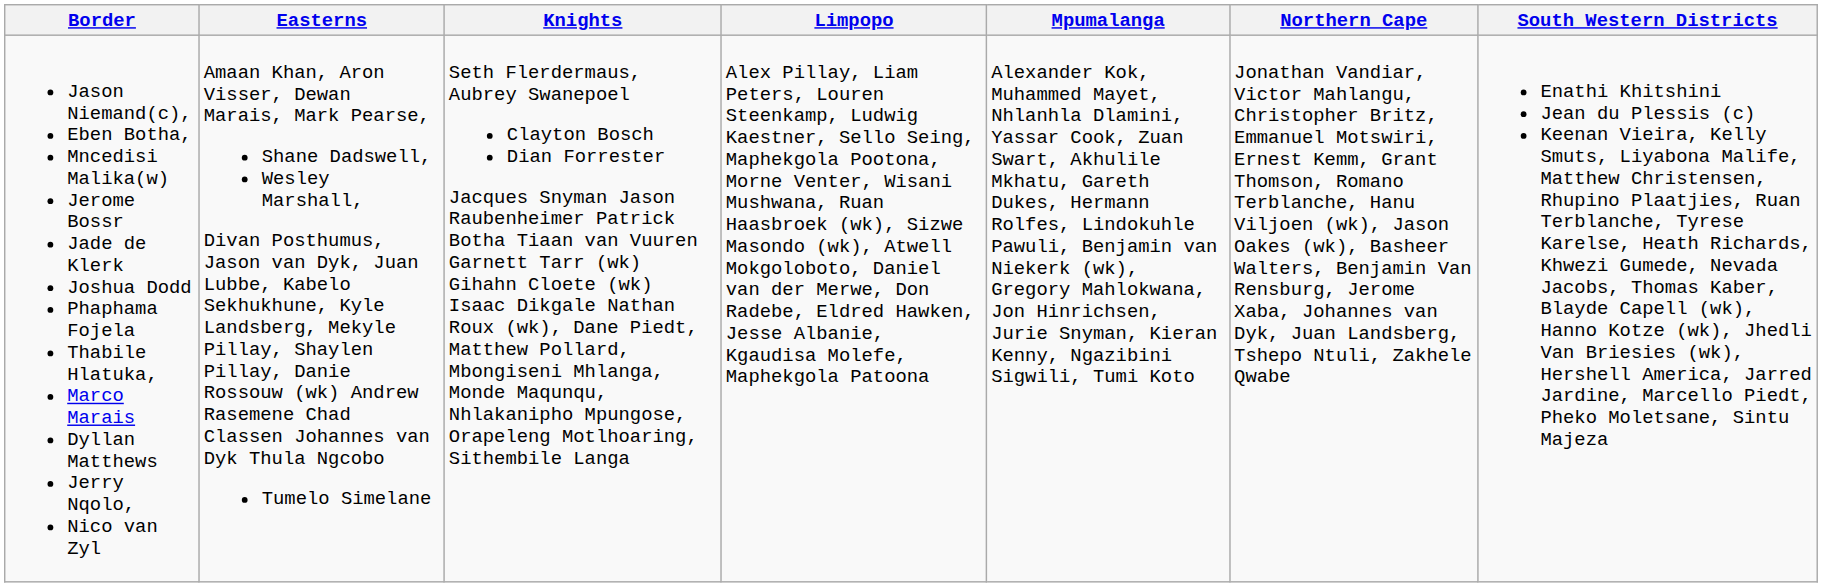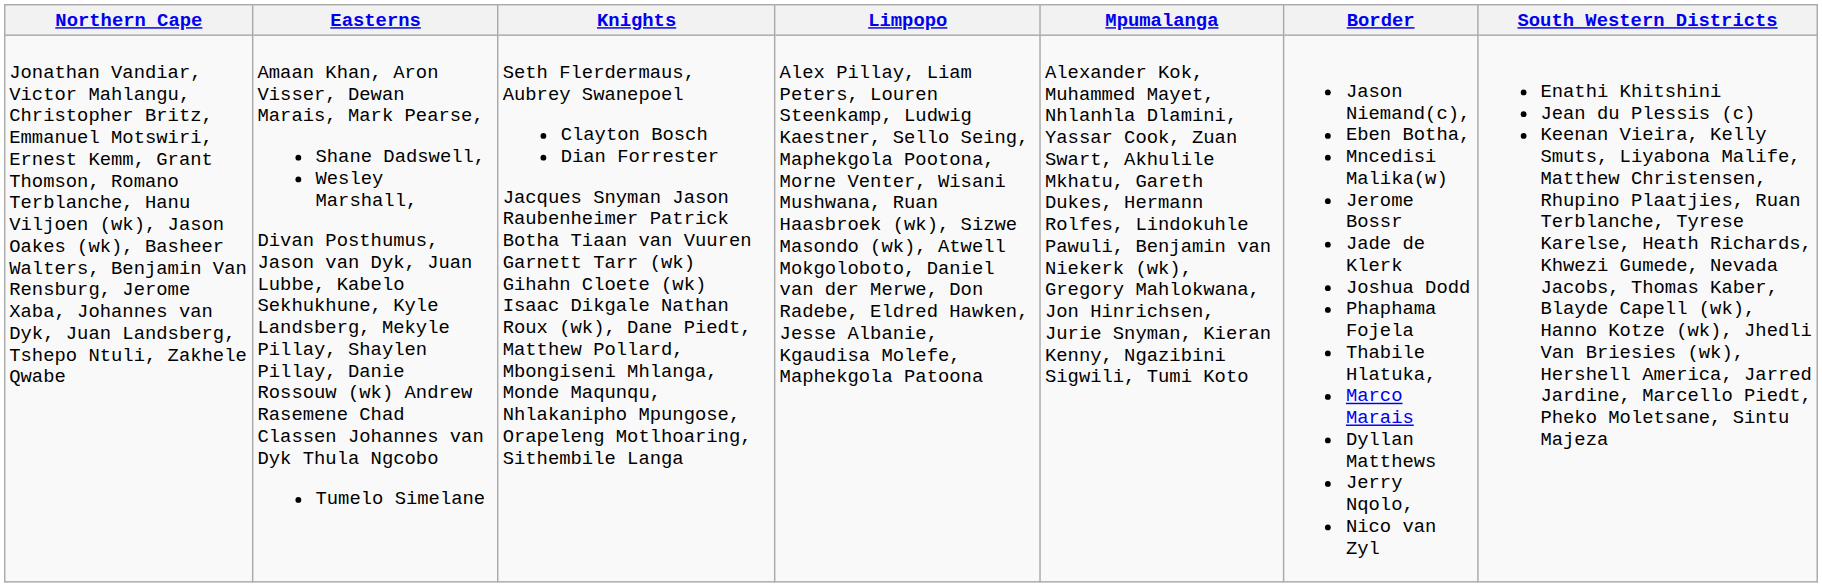 <table class="wikitable" Style="font-size:100%;">
 <tr>
-<th><a href='#'>Border</a></th>
+<th><a href='#'>Northern Cape</a></th>
 <th><a href='#'>Easterns</a></th>
 <th><a href='#'>Knights</a></th>
 <th><a href='#'>Limpopo</a></th>
 <th><a href='#'>Mpumalanga</a></th>
-<th><a href='#'>Northern Cape</a></th>
+<th><a href='#'>Border</a></th>
 <th><a href='#'>South Western Districts</a></th>
 </tr>
 <tr style="vertical-align:top">
-<td><br><ul><li>Jason Niemand(c),</li><li>Eben Botha,</li><li>Mncedisi Malika(w)</li><li>Jerome Bossr</li><li>Jade de Klerk</li><li>Joshua Dodd</li><li>Phaphama Fojela</li><li>Thabile Hlatuka,</li><li><a href='#'>Marco Marais</a></li><li>Dyllan Matthews</li><li>Jerry Nqolo,</li><li>Nico van Zyl</li></ul></td>
+<td><br>Jonathan Vandiar, Victor Mahlangu, Christopher Britz, Emmanuel Motswiri, Ernest Kemm, Grant Thomson, Romano Terblanche, Hanu Viljoen (wk), Jason Oakes (wk), Basheer Walters, Benjamin Van Rensburg, Jerome Xaba, Johannes van Dyk, Juan Landsberg, Tshepo Ntuli, Zakhele Qwabe</td>
 <td><br>Amaan Khan, Aron Visser, Dewan Marais, Mark Pearse,<ul><li>Shane Dadswell,</li><li>Wesley Marshall,</li></ul>Divan Posthumus,  Jason van Dyk,  Juan Lubbe,  Kabelo Sekhukhune,  Kyle Landsberg,  Mekyle Pillay,  Shaylen Pillay,  Danie Rossouw (wk) Andrew Rasemene Chad Classen Johannes van Dyk Thula Ngcobo<ul><li>Tumelo Simelane</li></ul></td>
 <td><br>Seth Flerdermaus, Aubrey Swanepoel<ul><li>Clayton Bosch</li><li>Dian Forrester</li></ul>Jacques Snyman Jason Raubenheimer Patrick Botha Tiaan van Vuuren Garnett Tarr (wk) Gihahn Cloete (wk) Isaac Dikgale Nathan Roux (wk), Dane Piedt, Matthew Pollard, Mbongiseni Mhlanga, Monde Maqunqu, Nhlakanipho Mpungose, Orapeleng Motlhoaring, Sithembile Langa</td>
 <td><br>Alex Pillay, Liam Peters, Louren Steenkamp, Ludwig Kaestner, Sello Seing, Maphekgola Pootona, Morne Venter, Wisani Mushwana, Ruan Haasbroek (wk), Sizwe Masondo (wk), Atwell Mokgoloboto, Daniel van der Merwe, Don Radebe, Eldred Hawken, Jesse Albanie, Kgaudisa Molefe, Maphekgola Patoona</td>
 <td><br>Alexander Kok, Muhammed Mayet, Nhlanhla Dlamini, Yassar Cook, Zuan Swart, Akhulile Mkhatu, Gareth Dukes, Hermann Rolfes, Lindokuhle Pawuli, Benjamin van Niekerk (wk), Gregory Mahlokwana, Jon Hinrichsen, Jurie Snyman, Kieran Kenny, Ngazibini Sigwili, Tumi Koto</td>
-<td><br>Jonathan Vandiar, Victor Mahlangu, Christopher Britz, Emmanuel Motswiri, Ernest Kemm, Grant Thomson, Romano Terblanche, Hanu Viljoen (wk), Jason Oakes (wk), Basheer Walters, Benjamin Van Rensburg, Jerome Xaba, Johannes van Dyk, Juan Landsberg, Tshepo Ntuli, Zakhele Qwabe</td>
+<td><br><ul><li>Jason Niemand(c),</li><li>Eben Botha,</li><li>Mncedisi Malika(w)</li><li>Jerome Bossr</li><li>Jade de Klerk</li><li>Joshua Dodd</li><li>Phaphama Fojela</li><li>Thabile Hlatuka,</li><li><a href='#'>Marco Marais</a></li><li>Dyllan Matthews</li><li>Jerry Nqolo,</li><li>Nico van Zyl</li></ul></td>
 <td><br><ul><li>Enathi Khitshini</li><li>Jean du Plessis (c)</li><li>Keenan Vieira, Kelly Smuts, Liyabona Malife, Matthew Christensen, Rhupino Plaatjies, Ruan Terblanche, Tyrese Karelse, Heath Richards, Khwezi Gumede, Nevada Jacobs, Thomas Kaber, Blayde Capell (wk), Hanno Kotze (wk), Jhedli Van Briesies (wk), Hershell America, Jarred Jardine, Marcello Piedt, Pheko Moletsane, Sintu Majeza</li></ul></td>
 </tr>
 </table>
